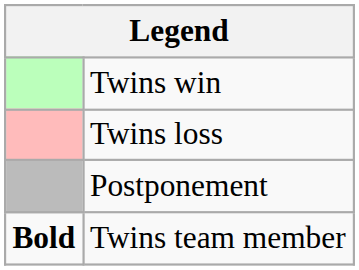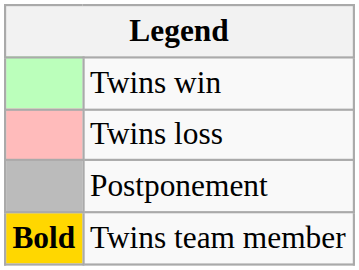 <table class="wikitable" style="font-size:90%">
 <tr>
 <th colspan="3">Legend</th>
 </tr>
 <tr>
 <td bgcolor="#bbffbb"> </td>
 <td>Twins win</td>
 </tr>
 <tr>
 <td bgcolor="#ffbbbb"> </td>
 <td>Twins loss</td>
 </tr>
 <tr>
 <td bgcolor="#bbbbbb"> </td>
 <td>Postponement</td>
 </tr>
 <tr>
-<td><strong>Bold</strong></td>
+<td style="background: gold;"><strong>Bold</strong></td>
 <td>Twins team member</td>
 </tr>
 </table>
